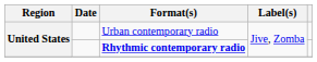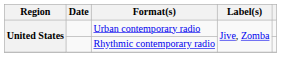 <table class="wikitable plainrowheaders" style="text-align:left">
 <tr>
 <th scope="col">Region</th>
 <th scope="col">Date</th>
 <th scope="col">Format(s)</th>
 <th scope="col">Label(s)</th>
 <th scope="col"></th>
 </tr>
 <tr>
 <th scope="row" rowspan="2">United States</th>
 <td></td>
 <td><a href='#'>Urban contemporary radio</a></td>
 <td rowspan="2"><a href='#'>Jive</a>, <a href='#'>Zomba</a></td>
 <td></td>
 </tr>
 <tr>
 <td></td>
-<td><strong><a href='#'>Rhythmic contemporary radio</a></strong></td>
+<td><a href='#'>Rhythmic contemporary radio</a></td>
 <td></td>
 </tr>
 <tr>
 </tr>
 </table>
